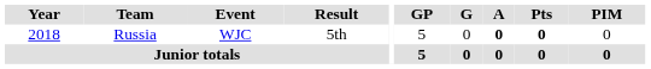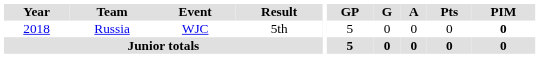 <table border="0" cellpadding="1" cellspacing="0" ID="Table3" style="text-align:center; width:40em">
 <tr ALIGN="center" bgcolor="#e0e0e0">
 <th>Year</th>
 <th>Team</th>
 <th>Event</th>
 <th>Result</th>
 <th rowspan="99" bgcolor="#ffffff"></th>
 <th>GP</th>
 <th>G</th>
 <th>A</th>
 <th>Pts</th>
 <th>PIM</th>
 </tr>
 <tr>
 <td><a href='#'>2018</a></td>
 <td><a href='#'>Russia</a></td>
 <td><a href='#'>WJC</a></td>
 <td>5th</td>
 <td>5</td>
 <td>0</td>
+<td>0</td>
+<td>0</td>
 <td><strong>0</strong></td>
-<td><strong>0</strong></td>
-<td>0</td>
 </tr>
 <tr bgcolor="#e0e0e0">
 <th colspan="4">Junior totals</th>
 <th>5</th>
 <th>0</th>
 <th>0</th>
 <th>0</th>
 <th>0</th>
 </tr>
 </table>
